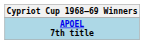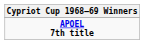 <table class="wikitable" style="text-align:center;margin: 0 auto;">
 <tr>
 <th>Cypriot Cup 1968–69 Winners</th>
 </tr>
 <tr>
 </tr>
 <tr>
-<td style="background: lightblue;"><strong><a href='#'>APOEL</a></strong><br><strong>7th title</strong></td>
+<td><strong><a href='#'>APOEL</a></strong><br><strong>7th title</strong></td>
 </tr>
 </table>
